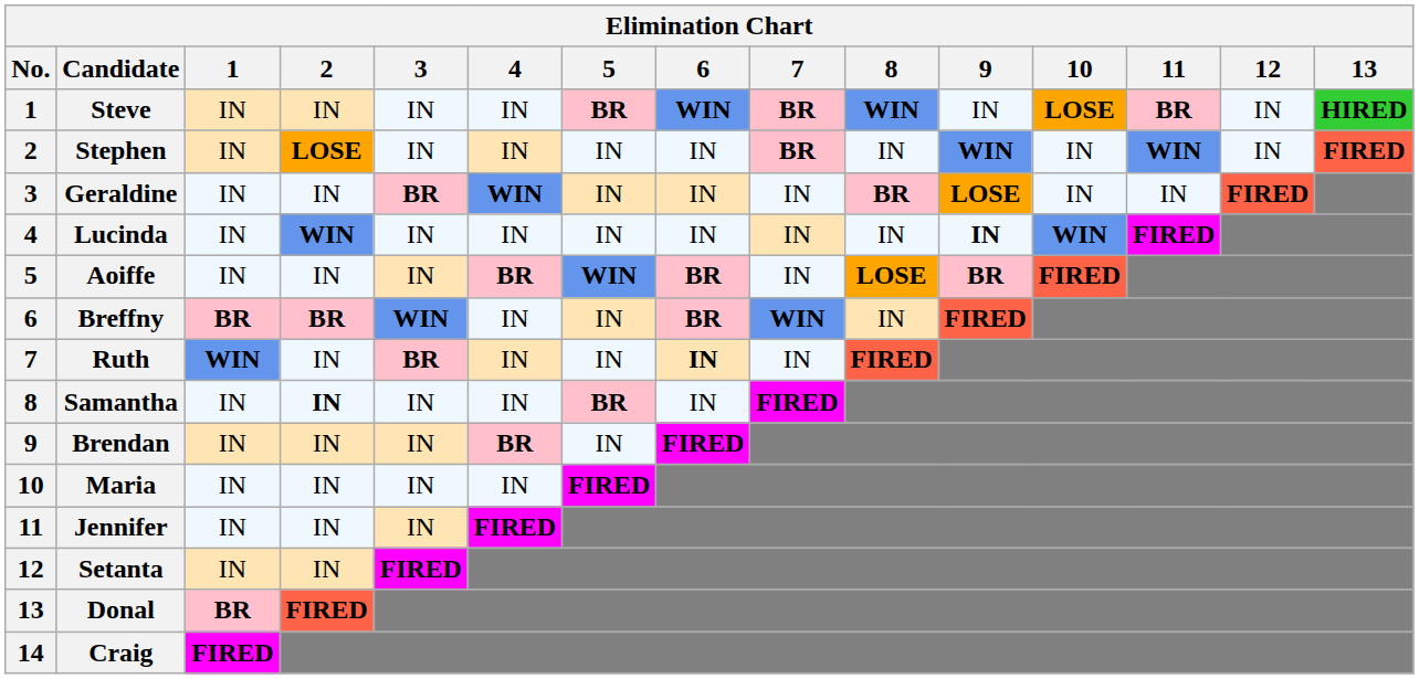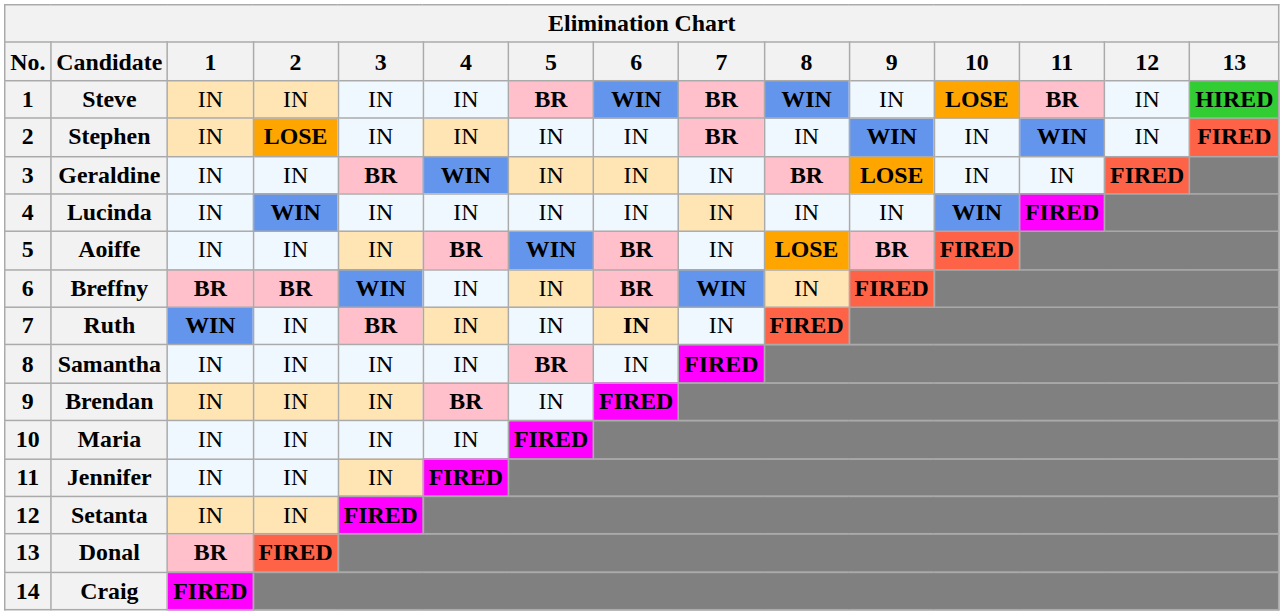 <table class="wikitable" style="text-align:center">
 <tr>
 <th colspan="15">Elimination Chart</th>
 </tr>
 <tr>
 <th>No.</th>
 <th>Candidate</th>
 <th>1</th>
 <th>2</th>
 <th>3</th>
 <th>4</th>
 <th>5</th>
 <th>6</th>
 <th>7</th>
 <th>8</th>
 <th>9</th>
 <th>10</th>
 <th>11</th>
 <th>12</th>
 <th>13</th>
 </tr>
 <tr>
 <th>1</th>
 <th>Steve</th>
 <td style="background:#ffe5b4;">IN</td>
 <td style="background:#ffe5b4;">IN</td>
 <td style="background:#f0f8ff;">IN</td>
 <td style="background:#f0f8ff;">IN</td>
 <td style="background:pink;"><strong>BR</strong></td>
 <td style="background:cornflowerblue;"><strong>WIN</strong></td>
 <td style="background:pink;"><strong>BR</strong></td>
 <td style="background:cornflowerblue;"><strong>WIN</strong></td>
 <td style="background:#f0f8ff;">IN</td>
 <td style="background:orange;"><strong>LOSE</strong></td>
 <td style="background:pink;"><strong>BR</strong></td>
 <td style="background:#f0f8ff;">IN</td>
 <td style="background:limegreen;"><strong>HIRED</strong></td>
 </tr>
 <tr>
 <th>2</th>
 <th>Stephen</th>
 <td style="background:#ffe5b4;">IN</td>
 <td style="background:orange;"><strong>LOSE</strong></td>
 <td style="background:#f0f8ff;">IN</td>
 <td style="background:#ffe5b4;">IN</td>
 <td style="background:#f0f8ff;">IN</td>
 <td style="background:#f0f8ff;">IN</td>
 <td style="background:pink;"><strong>BR</strong></td>
 <td style="background:#f0f8ff;">IN</td>
 <td style="background:cornflowerblue;"><strong>WIN</strong></td>
 <td style="background:#f0f8ff;">IN</td>
 <td style="background:cornflowerblue;"><strong>WIN</strong></td>
 <td style="background:#f0f8ff;">IN</td>
 <td style="background:tomato;"><strong>FIRED</strong></td>
 </tr>
 <tr>
 <th>3</th>
 <th>Geraldine</th>
 <td style="background:#f0f8ff;">IN</td>
 <td style="background:#f0f8ff;">IN</td>
 <td style="background:pink;"><strong>BR</strong></td>
 <td style="background:cornflowerblue;"><strong>WIN</strong></td>
 <td style="background:#ffe5b4;">IN</td>
 <td style="background:#ffe5b4;">IN</td>
 <td style="background:#f0f8ff;">IN</td>
 <td style="background:pink;"><strong>BR</strong></td>
 <td style="background:orange;"><strong>LOSE</strong></td>
 <td style="background:#f0f8ff;">IN</td>
 <td style="background:#f0f8ff;">IN</td>
 <td style="background:tomato;"><strong>FIRED</strong></td>
 <td colspan="10" style="background:gray;"></td>
 </tr>
 <tr>
 <th>4</th>
 <th>Lucinda</th>
 <td style="background:#f0f8ff;">IN</td>
 <td style="background:cornflowerblue;"><strong>WIN</strong></td>
 <td style="background:#f0f8ff;">IN</td>
 <td style="background:#f0f8ff;">IN</td>
 <td style="background:#f0f8ff;">IN</td>
 <td style="background:#f0f8ff;">IN</td>
 <td style="background:#ffe5b4;">IN</td>
 <td style="background:#f0f8ff;">IN</td>
-<td style="background:#f0f8ff;"><strong>IN</strong></td>
+<td style="background:#f0f8ff;">IN</td>
 <td style="background:cornflowerblue;"><strong>WIN</strong></td>
 <td style="background:magenta;"><strong>FIRED</strong></td>
 <td colspan="9" style="background:gray;"></td>
 </tr>
 <tr>
 <th>5</th>
 <th>Aoiffe</th>
 <td style="background:#f0f8ff;">IN</td>
 <td style="background:#f0f8ff;">IN</td>
 <td style="background:#ffe5b4;">IN</td>
 <td style="background:pink;"><strong>BR</strong></td>
 <td style="background:cornflowerblue;"><strong>WIN</strong></td>
 <td style="background:pink;"><strong>BR</strong></td>
 <td style="background:#f0f8ff;">IN</td>
 <td style="background:orange;"><strong>LOSE</strong></td>
 <td style="background:pink;"><strong>BR</strong></td>
 <td style="background:tomato;"><strong>FIRED</strong></td>
 <td colspan="9" style="background:gray;"></td>
 </tr>
 <tr>
 <th>6</th>
 <th>Breffny</th>
 <td style="background:pink;"><strong>BR</strong></td>
 <td style="background:pink;"><strong>BR</strong></td>
 <td style="background:cornflowerblue;"><strong>WIN</strong></td>
 <td style="background:#f0f8ff;">IN</td>
 <td style="background:#ffe5b4;">IN</td>
 <td style="background:pink;"><strong>BR</strong></td>
 <td style="background:cornflowerblue;"><strong>WIN</strong></td>
 <td style="background:#ffe5b4;">IN</td>
 <td style="background:tomato;"><strong>FIRED</strong></td>
 <td colspan="9" style="background:gray;"></td>
 </tr>
 <tr>
 <th>7</th>
 <th>Ruth</th>
 <td style="background:cornflowerblue;"><strong>WIN</strong></td>
 <td style="background:#f0f8ff;">IN</td>
 <td style="background:pink;"><strong>BR</strong></td>
 <td style="background:#ffe5b4;">IN</td>
 <td style="background:#f0f8ff;">IN</td>
 <td style="background:#ffe5b4;"><strong>IN</strong></td>
 <td style="background:#f0f8ff;">IN</td>
 <td style="background:tomato;"><strong>FIRED</strong></td>
 <td colspan="9" style="background:gray;"></td>
 </tr>
 <tr>
 <th>8</th>
 <th>Samantha</th>
 <td style="background:#f0f8ff;">IN</td>
-<td style="background:#f0f8ff;"><strong>IN</strong></td>
+<td style="background:#f0f8ff;">IN</td>
 <td style="background:#f0f8ff;">IN</td>
 <td style="background:#f0f8ff;">IN</td>
 <td style="background:pink;"><strong>BR</strong></td>
 <td style="background:#f0f8ff;">IN</td>
 <td style="background:magenta;"><strong>FIRED</strong></td>
 <td colspan="9" style="background:gray;"></td>
 </tr>
 <tr>
 <th>9</th>
 <th>Brendan</th>
 <td style="background:#ffe5b4;">IN</td>
 <td style="background:#ffe5b4;">IN</td>
 <td style="background:#ffe5b4;">IN</td>
 <td style="background:pink;"><strong>BR</strong></td>
 <td style="background:#f0f8ff;">IN</td>
 <td style="background:magenta;"><strong>FIRED</strong></td>
 <td colspan="9" style="background:gray;"></td>
 </tr>
 <tr>
 <th>10</th>
 <th>Maria</th>
 <td style="background:#f0f8ff;">IN</td>
 <td style="background:#f0f8ff;">IN</td>
 <td style="background:#f0f8ff;">IN</td>
 <td style="background:#f0f8ff;">IN</td>
 <td style="background:magenta;"><strong>FIRED</strong></td>
 <td colspan="9" style="background:gray;"></td>
 </tr>
 <tr>
 <th>11</th>
 <th>Jennifer</th>
 <td style="background:#f0f8ff;">IN</td>
 <td style="background:#f0f8ff;">IN</td>
 <td style="background:#ffe5b4;">IN</td>
 <td style="background:Magenta;"><strong>FIRED</strong></td>
 <td colspan="10" style="background:gray;"></td>
 </tr>
 <tr>
 <th>12</th>
 <th>Setanta</th>
 <td style="background:#ffe5b4;">IN</td>
 <td style="background:#ffe5b4;">IN</td>
 <td style="background:magenta;"><strong>FIRED</strong></td>
 <td colspan="11" style="background:gray;"></td>
 </tr>
 <tr>
 <th>13</th>
 <th>Donal</th>
 <td style="background:pink;"><strong>BR</strong></td>
 <td style="background:tomato;"><strong>FIRED</strong></td>
 <td colspan="11" style="background:gray;"></td>
 </tr>
 <tr>
 <th>14</th>
 <th>Craig</th>
 <td style="background:magenta;"><strong>FIRED</strong></td>
 <td colspan="12" style="background:gray;"></td>
 </tr>
 </table>
